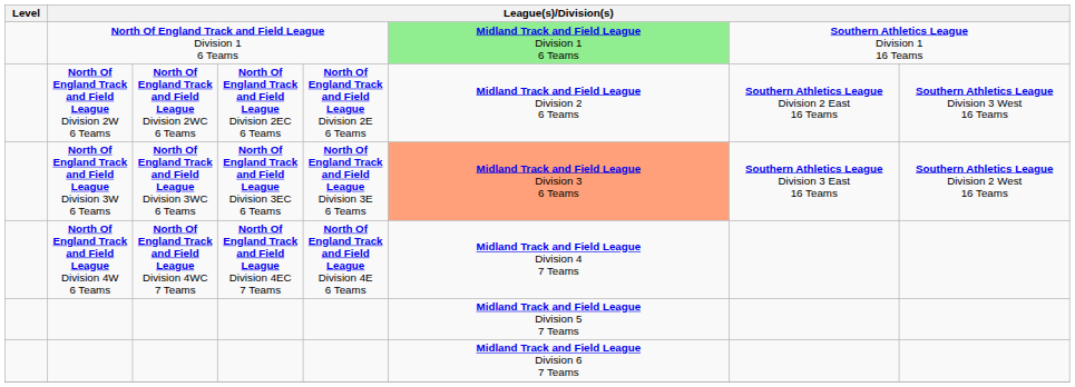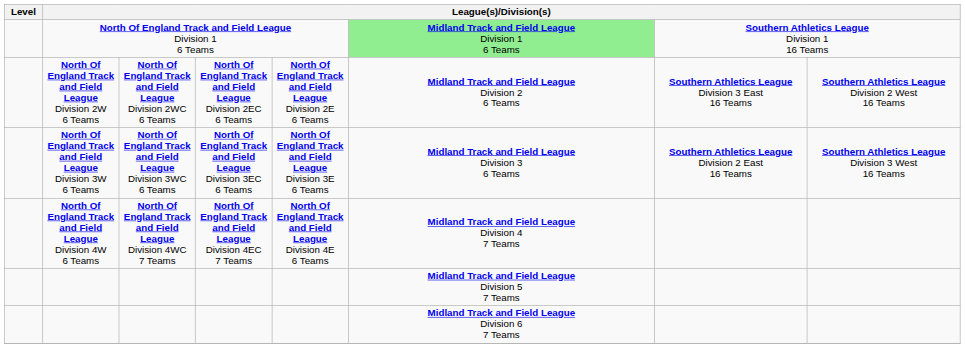 <table class="wikitable" style="text-align: center;">
 <tr>
 <th colspan="1" width="4%">Level</th>
 <th colspan="7" width="96%">League(s)/Division(s)</th>
 </tr>
 <tr>
 <td colspan="1" width="4%"></td>
 <td colspan="4" width="32%"><strong><a href='#'>North Of England Track and Field League</a></strong><br> Division 1 <br> 6 Teams</td>
 <td colspan="1" width="32%" style="background: lightgreen;"><strong><a href='#'>Midland Track and Field League</a></strong><br> Division 1 <br> 6 Teams</td>
 <td colspan="2" width="32%"><strong><a href='#'>Southern Athletics League</a></strong><br> Division 1 <br> 16 Teams</td>
 </tr>
 <tr>
 <td colspan="1" width="4%"></td>
 <td colspan="1" width="8%"><strong><a href='#'>North Of England Track and Field League</a></strong><br> Division 2W <br> 6 Teams</td>
 <td colspan="1" width="8%"><strong><a href='#'>North Of England Track and Field League</a></strong><br> Division 2WC <br> 6 Teams</td>
 <td colspan="1" width="8%"><strong><a href='#'>North Of England Track and Field League</a></strong><br> Division 2EC <br> 6 Teams</td>
 <td colspan="1" width="8%"><strong><a href='#'>North Of England Track and Field League</a></strong><br> Division 2E <br> 6 Teams</td>
 <td colspan="1" width="32%"><strong><a href='#'>Midland Track and Field League</a></strong><br> Division 2 <br> 6 Teams</td>
-<td colspan="1" width="16%"><strong><a href='#'>Southern Athletics League</a></strong><br> Division 2 East<br> 16 Teams</td>
-<td colspan="1" width="16%"><strong><a href='#'>Southern Athletics League</a></strong><br> Division 3 West<br> 16 Teams</td>
+<td colspan="1" width="16%"><strong><a href='#'>Southern Athletics League</a></strong><br> Division 3 East<br> 16 Teams</td>
+<td colspan="1" width="16%"><strong><a href='#'>Southern Athletics League</a></strong><br> Division 2 West<br> 16 Teams</td>
 </tr>
 <tr>
 <td colspan="1" width="4%"></td>
 <td colspan="1" width="8%"><strong><a href='#'>North Of England Track and Field League</a></strong><br> Division 3W <br> 6 Teams</td>
 <td colspan="1" width="8%"><strong><a href='#'>North Of England Track and Field League</a></strong><br> Division 3WC <br> 6 Teams</td>
 <td colspan="1" width="8%"><strong><a href='#'>North Of England Track and Field League</a></strong><br> Division 3EC <br> 6 Teams</td>
 <td colspan="1" width="8%"><strong><a href='#'>North Of England Track and Field League</a></strong><br> Division 3E <br> 6 Teams</td>
-<td colspan="1" width="32%" style="background: lightsalmon;"><strong><a href='#'>Midland Track and Field League</a></strong><br> Division 3 <br> 6 Teams</td>
-<td colspan="1" width="16%"><strong><a href='#'>Southern Athletics League</a></strong><br> Division 3 East<br> 16 Teams</td>
-<td colspan="1" width="16%"><strong><a href='#'>Southern Athletics League</a></strong><br> Division 2 West<br> 16 Teams</td>
+<td colspan="1" width="32%"><strong><a href='#'>Midland Track and Field League</a></strong><br> Division 3 <br> 6 Teams</td>
+<td colspan="1" width="16%"><strong><a href='#'>Southern Athletics League</a></strong><br> Division 2 East<br> 16 Teams</td>
+<td colspan="1" width="16%"><strong><a href='#'>Southern Athletics League</a></strong><br> Division 3 West<br> 16 Teams</td>
 </tr>
 <tr>
 <td colspan="1" width="4%"></td>
 <td colspan="1" width="8%"><strong><a href='#'>North Of England Track and Field League</a></strong><br> Division 4W <br> 6 Teams</td>
 <td colspan="1" width="8%"><strong><a href='#'>North Of England Track and Field League</a></strong><br> Division 4WC <br> 7 Teams</td>
 <td colspan="1" width="8%"><strong><a href='#'>North Of England Track and Field League</a></strong><br> Division 4EC <br> 7 Teams</td>
 <td colspan="1" width="8%"><strong><a href='#'>North Of England Track and Field League</a></strong><br> Division 4E <br> 6 Teams</td>
 <td colspan="1" width="32%"><strong><a href='#'>Midland Track and Field League</a></strong><br> Division 4 <br> 7 Teams</td>
 <td colspan="1" width="16%"></td>
 <td colspan="1" width="16%"></td>
 </tr>
 <tr>
 <td colspan="1" width="4%"></td>
 <td colspan="1" width="8%"></td>
 <td colspan="1" width="8%"></td>
 <td colspan="1" width="8%"></td>
 <td colspan="1" width="8%"></td>
 <td colspan="1" width="32%"><strong><a href='#'>Midland Track and Field League</a></strong><br> Division 5 <br> 7 Teams</td>
 <td colspan="1" width="16%"></td>
 <td colspan="1" width="16%"></td>
 </tr>
 <tr>
 <td colspan="1" width="4%"></td>
 <td colspan="1" width="8%"></td>
 <td colspan="1" width="8%"></td>
 <td colspan="1" width="8%"></td>
 <td colspan="1" width="8%"></td>
 <td colspan="1" width="32%"><strong><a href='#'>Midland Track and Field League</a></strong><br> Division 6 <br> 7 Teams</td>
 <td colspan="1" width="16%"></td>
 <td colspan="1" width="16%"></td>
 </tr>
 <tr>
 </tr>
 </table>
